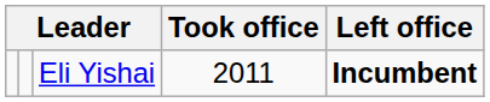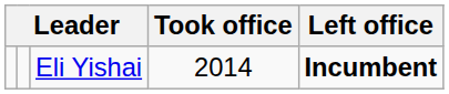 <table class="wikitable" style="text-align: center;">
 <tr>
 <th colspan="3">Leader</th>
 <th>Took office</th>
 <th>Left office</th>
 </tr>
 <tr>
 <td style="background: "></td>
 <td></td>
 <td><a href='#'>Eli Yishai</a></td>
-<td>2011</td>
+<td>2014</td>
 <td><strong>Incumbent</strong></td>
 </tr>
 </table>
